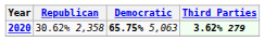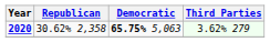 <table class="wikitable" style="float:right; font-size:95%;">
 <tr bgcolor=lightgrey>
 <th>Year</th>
 <th><a href='#'>Republican</a></th>
 <th><a href='#'>Democratic</a></th>
 <th><a href='#'>Third Parties</a></th>
 </tr>
 <tr>
 <td style="text-align:center; "><strong><a href='#'>2020</a></strong></td>
 <td style="text-align:center; ">30.62% <em>2,358</em></td>
 <td style="text-align:center; "><strong>65.75%</strong> <em>5,063</em></td>
-<td style="text-align:center; background:honeyDew;"><strong>3.62% <em>279</em></strong></td>
+<td style="text-align:center; background:honeyDew;">3.62% <em>279</em></td>
 </tr>
 <tr>
 </tr>
 </table>
